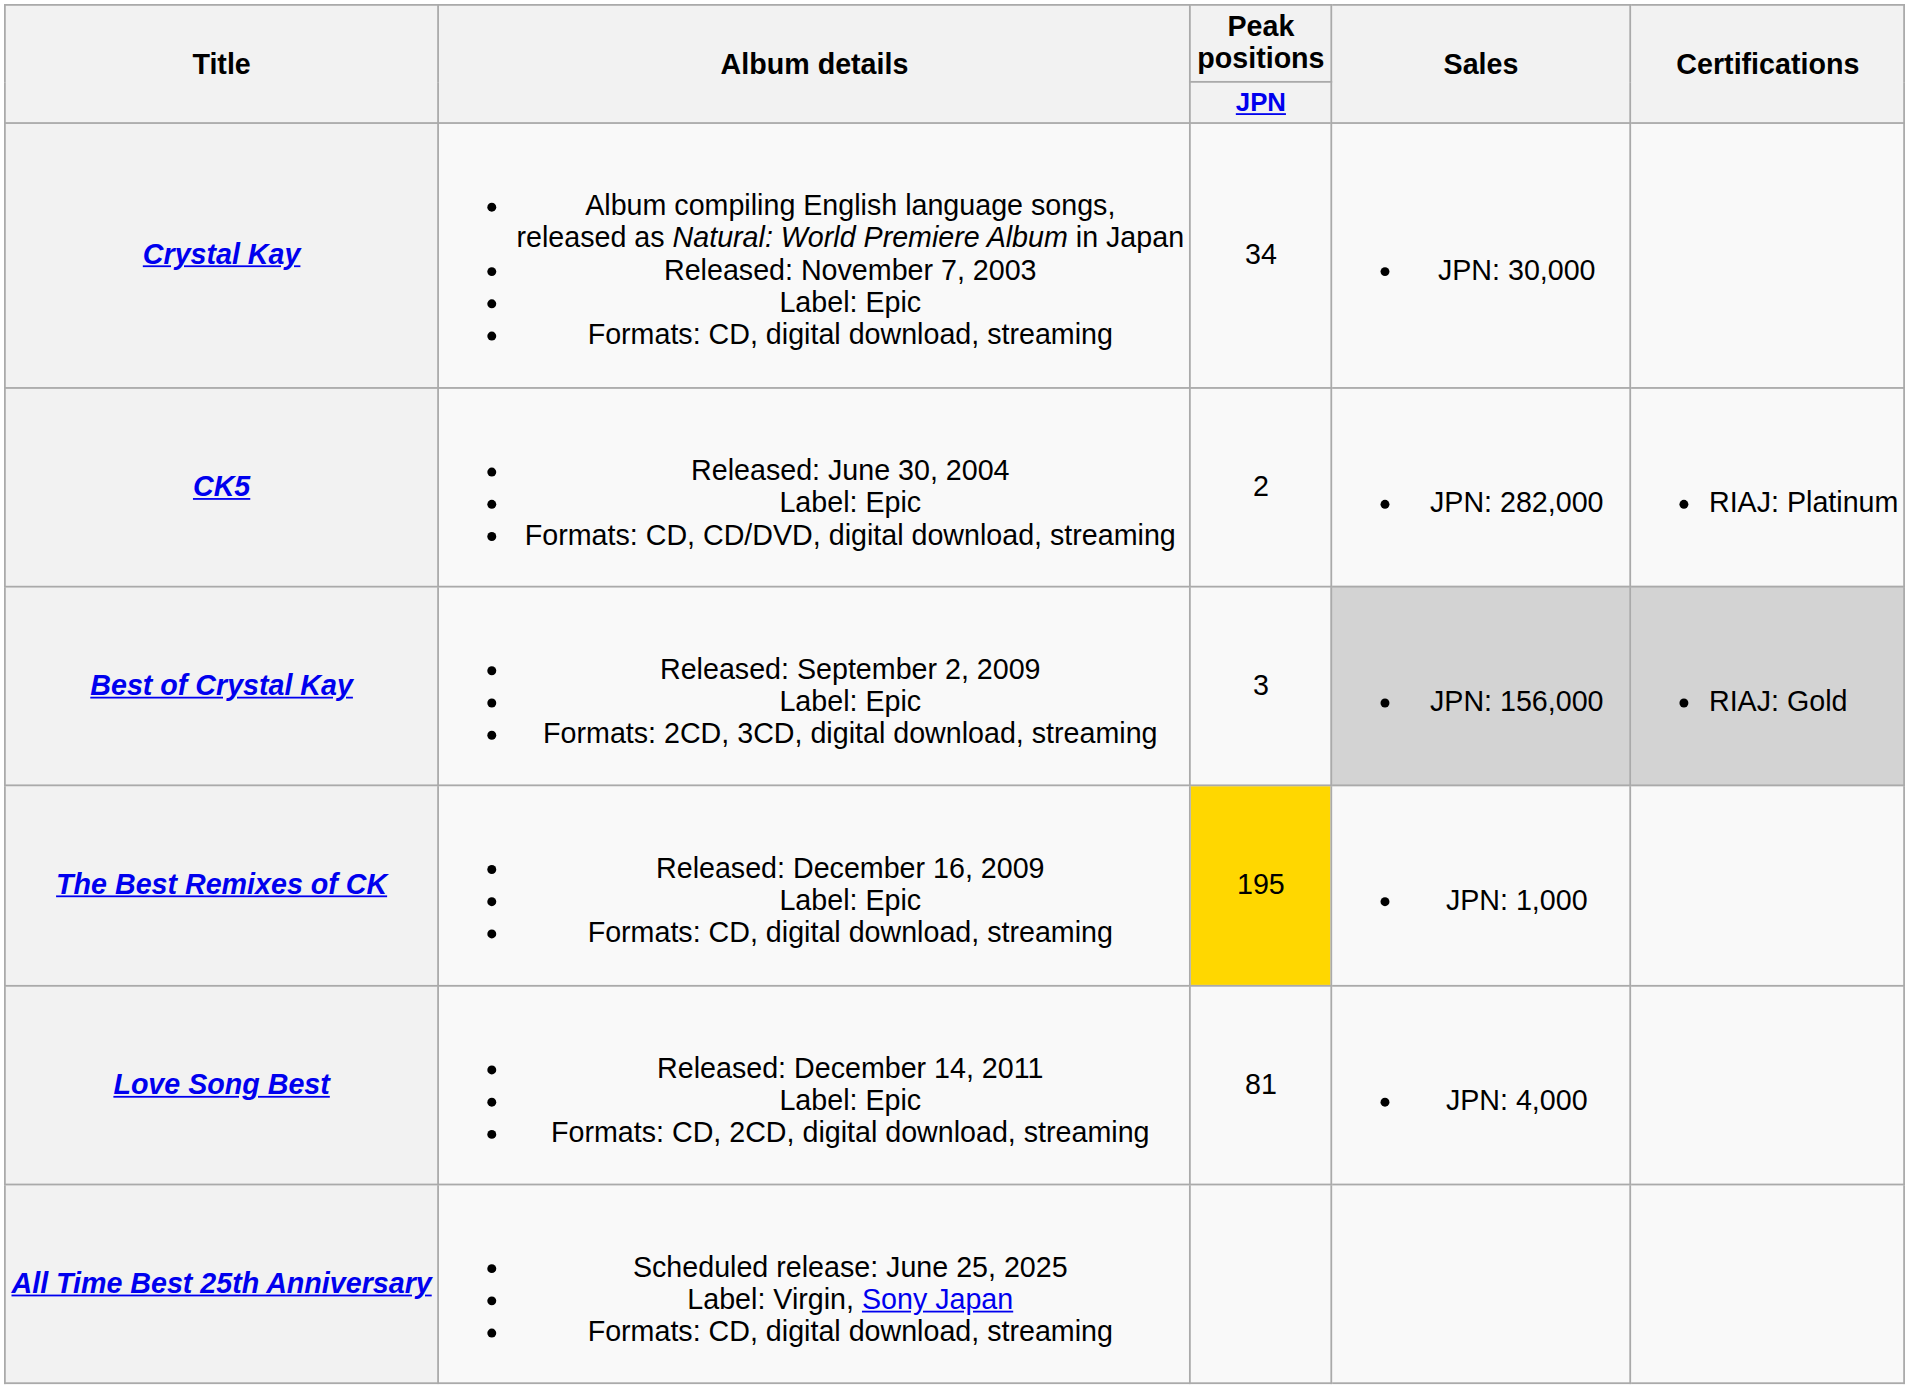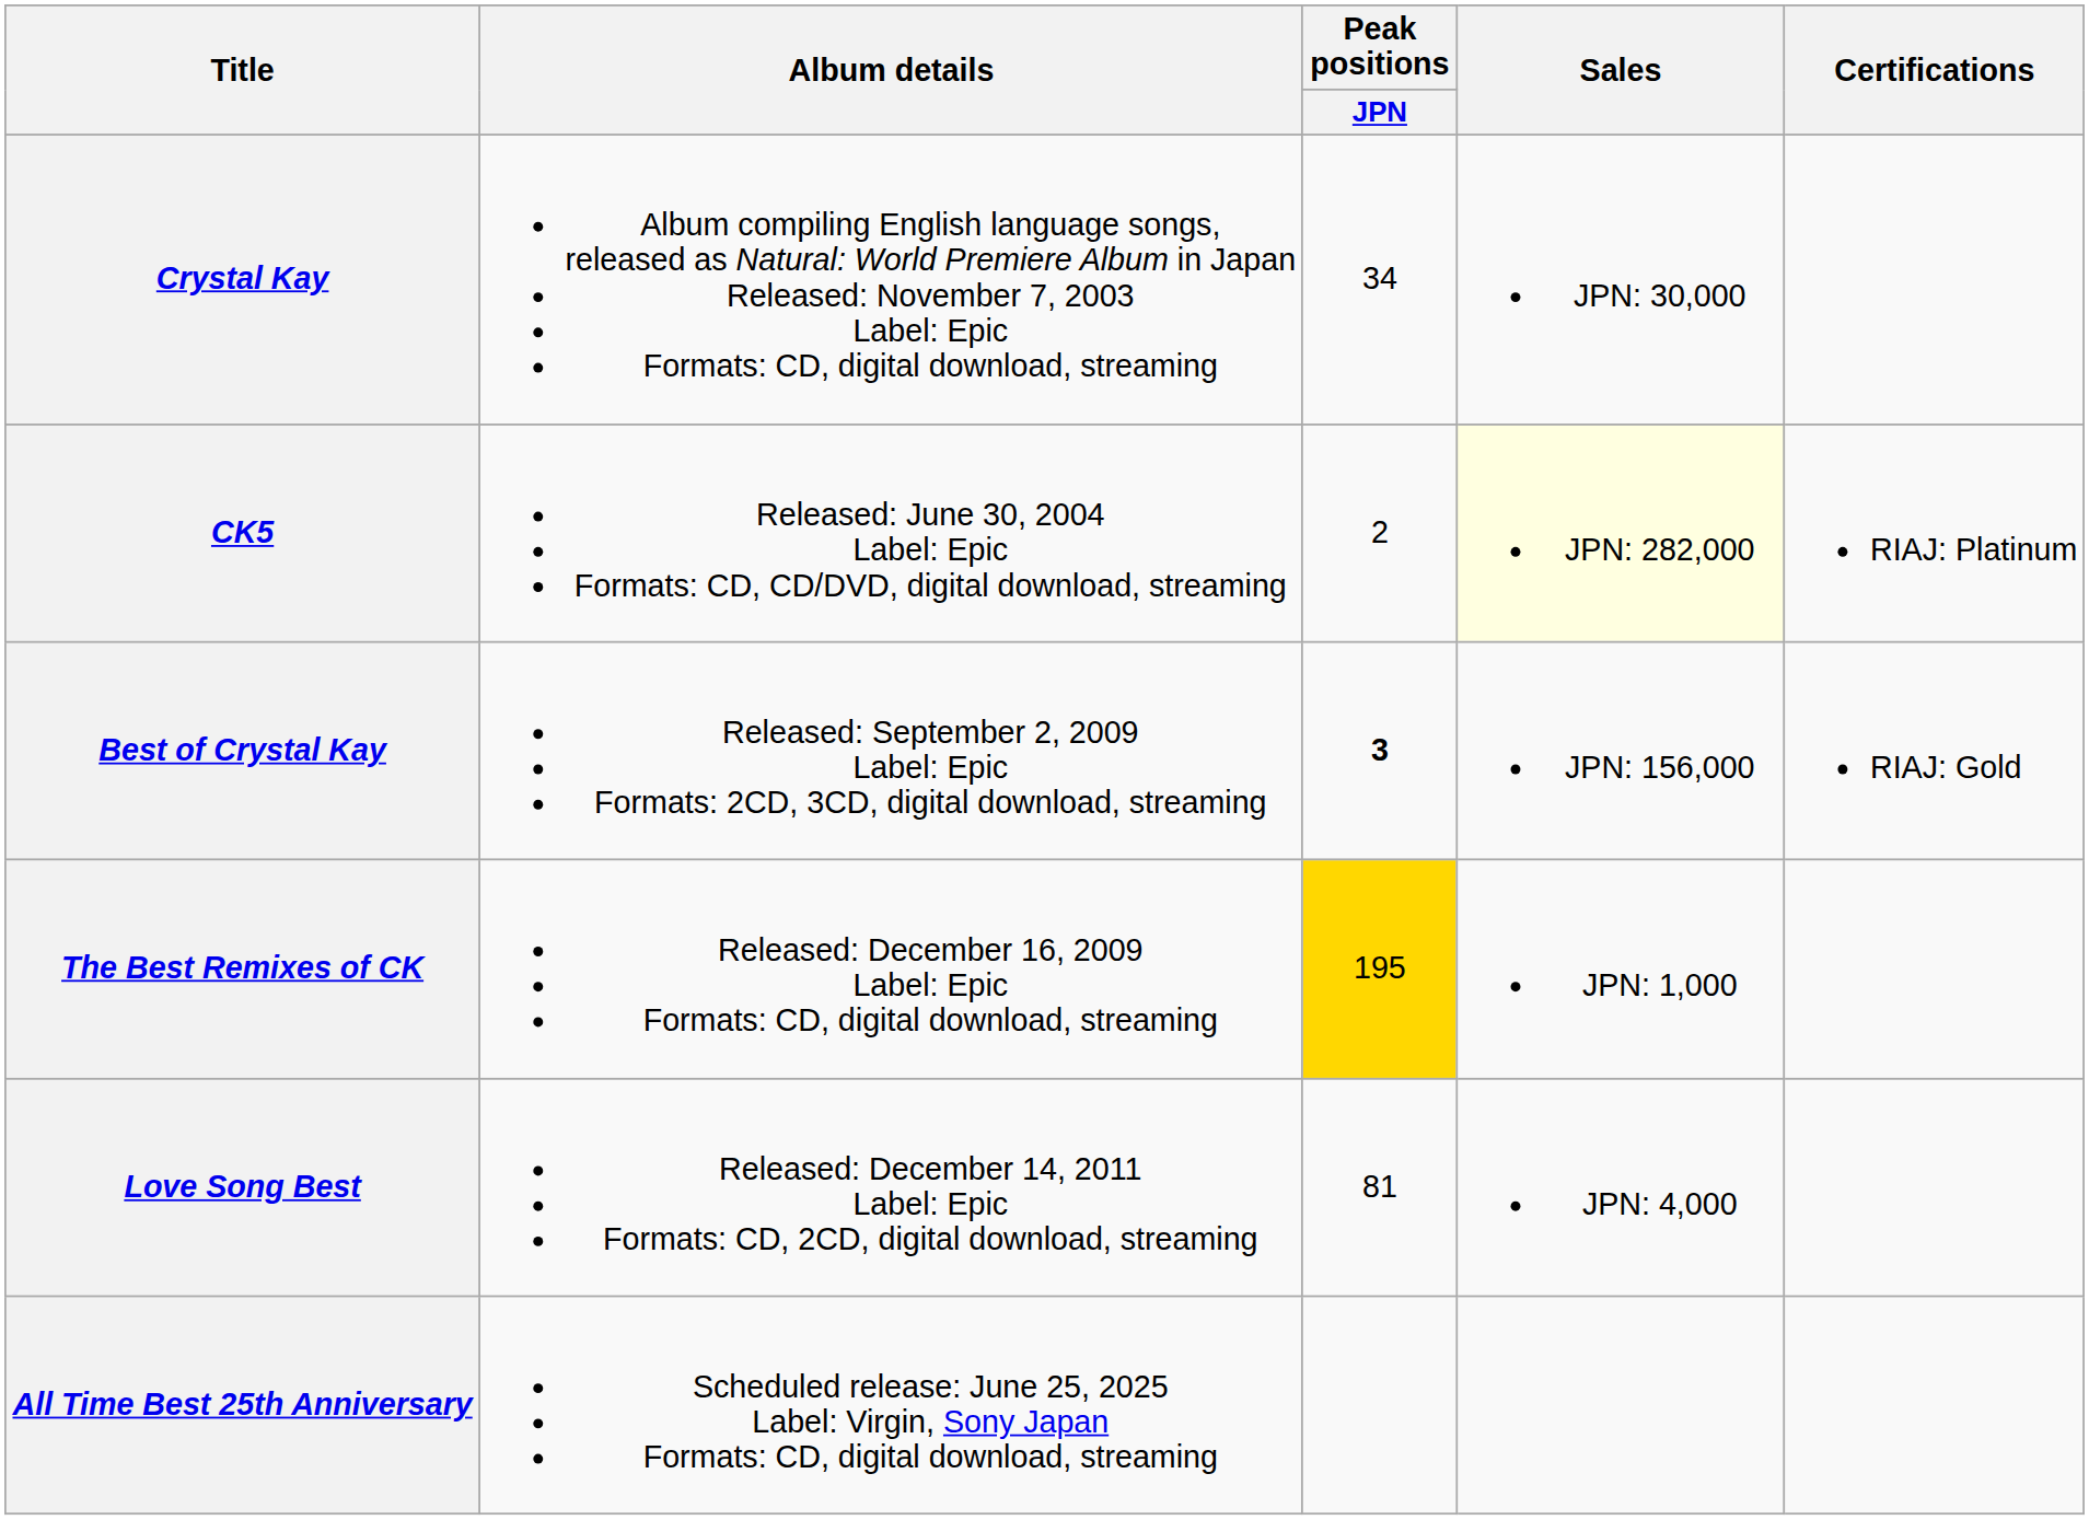 <table class="wikitable plainrowheaders" style="text-align:center;">
 <tr>
 <th rowspan="2">Title</th>
 <th rowspan="2">Album details</th>
 <th colspan="1">Peak positions</th>
 <th rowspan="2" style="width:10em;">Sales</th>
 <th rowspan="2">Certifications</th>
 </tr>
 <tr>
 <th scope="col" style="width:3em;font-size:90%;"><a href='#'>JPN</a><br></th>
 </tr>
 <tr>
 <th scope="row"><em><a href='#'>Crystal Kay</a></em></th>
 <td><br><ul><li>Album compiling English language songs,<br>released as <em>Natural: World Premiere Album</em> in Japan</li><li>Released: November 7, 2003 </li><li>Label: Epic</li><li>Formats: CD, digital download, streaming</li></ul></td>
 <td>34</td>
 <td><br><ul><li>JPN: 30,000</li></ul></td>
 <td align="left"></td>
 </tr>
 <tr>
 <th scope="row"><em><a href='#'>CK5</a></em></th>
 <td><br><ul><li>Released: June 30, 2004 </li><li>Label: Epic</li><li>Formats: CD, CD/DVD, digital download, streaming</li></ul></td>
 <td>2</td>
-<td><br><ul><li>JPN: 282,000</li></ul></td>
+<td style="background: lightyellow;"><br><ul><li>JPN: 282,000</li></ul></td>
 <td align="left"><br><ul><li>RIAJ: Platinum</li></ul></td>
 </tr>
 <tr>
 <th scope="row"><em><a href='#'>Best of Crystal Kay</a></em></th>
 <td><br><ul><li>Released: September 2, 2009 </li><li>Label: Epic</li><li>Formats: 2CD, 3CD, digital download, streaming</li></ul></td>
-<td>3</td>
-<td style="background: lightgrey;"><br><ul><li>JPN: 156,000</li></ul></td>
-<td align="left" style="background: lightgrey;"><br><ul><li>RIAJ: Gold</li></ul></td>
+<td><strong>3</strong></td>
+<td><br><ul><li>JPN: 156,000</li></ul></td>
+<td align="left"><br><ul><li>RIAJ: Gold</li></ul></td>
 </tr>
 <tr>
 <th scope="row"><em><a href='#'>The Best Remixes of CK</a></em></th>
 <td><br><ul><li>Released: December 16, 2009 </li><li>Label: Epic</li><li>Formats: CD, digital download, streaming</li></ul></td>
 <td style="background: gold;">195</td>
 <td><br><ul><li>JPN: 1,000</li></ul></td>
 <td align="left"></td>
 </tr>
 <tr>
 <th scope="row"><em><a href='#'>Love Song Best</a></em></th>
 <td><br><ul><li>Released: December 14, 2011 </li><li>Label: Epic</li><li>Formats: CD, 2CD, digital download, streaming</li></ul></td>
 <td>81</td>
 <td><br><ul><li>JPN: 4,000</li></ul></td>
 <td align="left"></td>
 </tr>
 <tr>
 <th scope="row"><em><a href='#'>All Time Best 25th Anniversary</a></em></th>
 <td><br><ul><li>Scheduled release: June 25, 2025</li><li>Label: Virgin, <a href='#'>Sony Japan</a></li><li>Formats: CD, digital download, streaming</li></ul></td>
 <td></td>
 <td></td>
 <td></td>
 </tr>
 </table>
